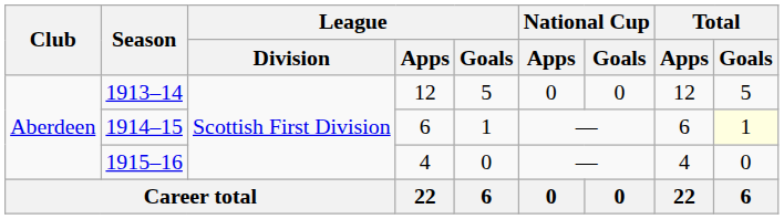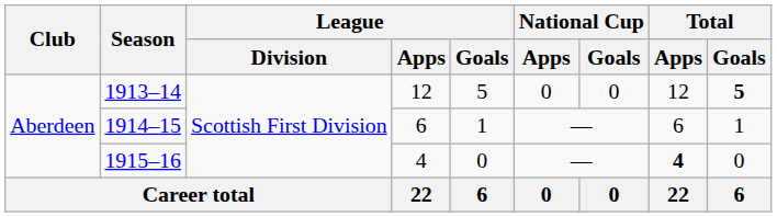 <table class="wikitable" style="text-align: center;">
 <tr>
 <th rowspan="2">Club</th>
 <th rowspan="2">Season</th>
 <th colspan="3">League</th>
 <th colspan="2">National Cup</th>
 <th colspan="2">Total</th>
 </tr>
 <tr>
 <th>Division</th>
 <th>Apps</th>
 <th>Goals</th>
 <th>Apps</th>
 <th>Goals</th>
 <th>Apps</th>
 <th>Goals</th>
 </tr>
 <tr>
 <td rowspan="3"><a href='#'>Aberdeen</a></td>
 <td><a href='#'>1913–14</a></td>
 <td rowspan="3"><a href='#'>Scottish First Division</a></td>
 <td>12</td>
 <td>5</td>
 <td>0</td>
 <td>0</td>
 <td>12</td>
-<td>5</td>
+<td><strong>5</strong></td>
 </tr>
 <tr>
 <td><a href='#'>1914–15</a></td>
 <td>6</td>
 <td>1</td>
 <td colspan="2">—</td>
 <td>6</td>
-<td style="background: lightyellow;">1</td>
+<td>1</td>
 </tr>
 <tr>
 <td><a href='#'>1915–16</a></td>
 <td>4</td>
 <td>0</td>
 <td colspan="2">—</td>
-<td>4</td>
+<td><strong>4</strong></td>
 <td>0</td>
 </tr>
 <tr>
 <th colspan="3">Career total</th>
 <th>22</th>
 <th>6</th>
 <th>0</th>
 <th>0</th>
 <th>22</th>
 <th>6</th>
 </tr>
 </table>
